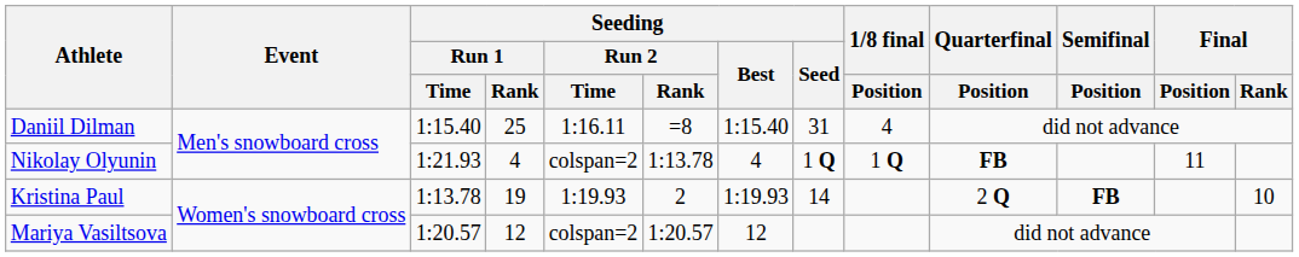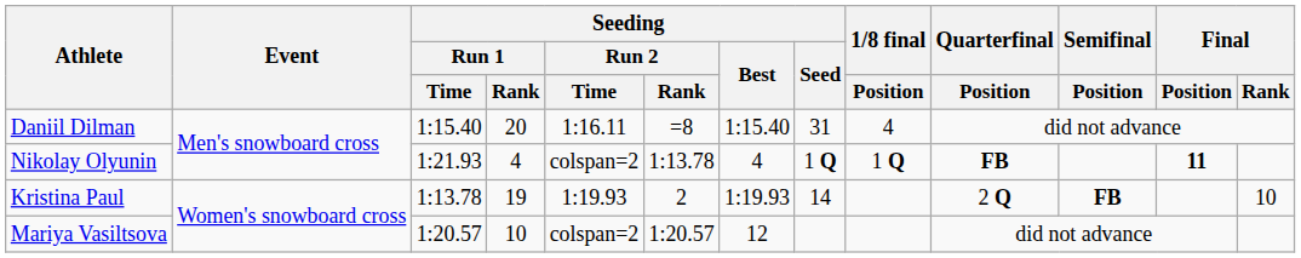 <table class=wikitable style=font-size:90%>
 <tr>
 <th rowspan=3>Athlete</th>
 <th rowspan=3>Event</th>
 <th colspan=6>Seeding</th>
 <th rowspan=2>1/8 final</th>
 <th rowspan=2>Quarterfinal</th>
 <th rowspan=2>Semifinal</th>
 <th rowspan=2 colspan=2>Final</th>
 </tr>
 <tr style=font-size:95%>
 <th colspan=2>Run 1</th>
 <th colspan=2>Run 2</th>
 <th rowspan=2>Best</th>
 <th rowspan=2>Seed</th>
 </tr>
 <tr style=font-size:95%>
 <th>Time</th>
 <th>Rank</th>
 <th>Time</th>
 <th>Rank</th>
 <th>Position</th>
 <th>Position</th>
 <th>Position</th>
 <th>Position</th>
 <th>Rank</th>
 </tr>
 <tr align=center>
 <td align=left><a href='#'>Daniil Dilman</a></td>
 <td align=left rowspan=2><a href='#'>Men's snowboard cross</a></td>
 <td>1:15.40</td>
-<td>25</td>
+<td>20</td>
 <td>1:16.11</td>
 <td>=8</td>
 <td>1:15.40</td>
 <td>31</td>
 <td>4</td>
 <td colspan=4>did not advance</td>
 </tr>
 <tr align=center>
 <td align=left><a href='#'>Nikolay Olyunin</a></td>
 <td>1:21.93</td>
 <td>4</td>
 <td>colspan=2 </td>
 <td>1:13.78</td>
 <td>4</td>
 <td>1 <strong>Q</strong></td>
 <td>1 <strong>Q</strong></td>
 <td> <strong>FB</strong></td>
 <td></td>
-<td>11</td>
+<td><strong>11</strong></td>
 </tr>
 <tr align=center>
 <td align=left><a href='#'>Kristina Paul</a></td>
 <td align=left rowspan=2><a href='#'>Women's snowboard cross</a></td>
 <td>1:13.78</td>
 <td>19</td>
 <td>1:19.93</td>
 <td>2</td>
 <td>1:19.93</td>
 <td>14</td>
 <td></td>
 <td>2 <strong>Q</strong></td>
 <td> <strong>FB</strong></td>
 <td></td>
 <td>10</td>
 </tr>
 <tr align=center>
 <td align=left><a href='#'>Mariya Vasiltsova</a></td>
 <td>1:20.57</td>
-<td>12</td>
+<td>10</td>
 <td>colspan=2 </td>
 <td>1:20.57</td>
 <td>12</td>
 <td></td>
 <td></td>
 <td colspan=3>did not advance</td>
 </tr>
 </table>
